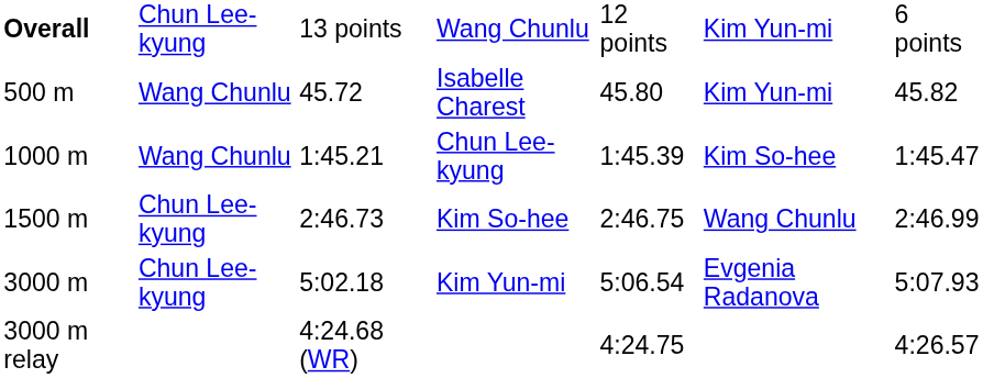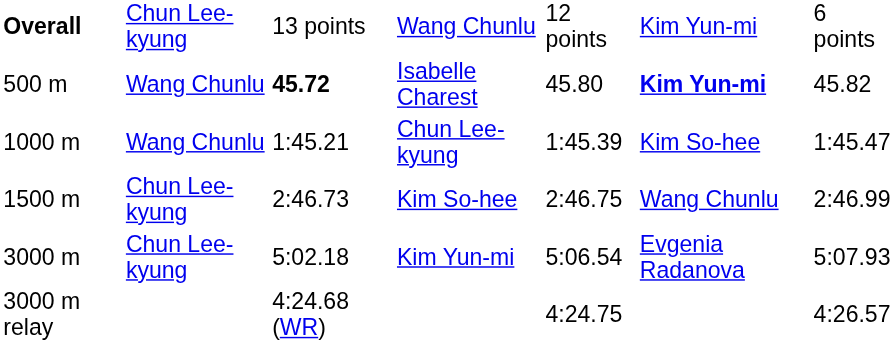 <table>
 <tr>
 <td><strong>Overall</strong></td>
 <td><a href='#'>Chun Lee-kyung</a> <br> </td>
 <td>13 points</td>
 <td><a href='#'>Wang Chunlu</a> <br> </td>
 <td>12 points</td>
 <td><a href='#'>Kim Yun-mi</a> <br> </td>
 <td>6 points</td>
 </tr>
 <tr>
 <td>500 m</td>
 <td><a href='#'>Wang Chunlu</a> <br> </td>
-<td>45.72</td>
+<td><strong>45.72</strong></td>
 <td><a href='#'>Isabelle Charest</a> <br> </td>
 <td>45.80</td>
-<td><a href='#'>Kim Yun-mi</a> <br> </td>
+<td><strong><a href='#'>Kim Yun-mi</a> <br> </strong></td>
 <td>45.82</td>
 </tr>
 <tr>
 <td>1000 m</td>
 <td><a href='#'>Wang Chunlu</a> <br> </td>
 <td>1:45.21</td>
 <td><a href='#'>Chun Lee-kyung</a> <br> </td>
 <td>1:45.39</td>
 <td><a href='#'>Kim So-hee</a> <br> </td>
 <td>1:45.47</td>
 </tr>
 <tr>
 <td>1500 m</td>
 <td><a href='#'>Chun Lee-kyung</a> <br> </td>
 <td>2:46.73</td>
 <td><a href='#'>Kim So-hee</a> <br> </td>
 <td>2:46.75</td>
 <td><a href='#'>Wang Chunlu</a> <br> </td>
 <td>2:46.99</td>
 </tr>
 <tr>
 <td>3000 m</td>
 <td><a href='#'>Chun Lee-kyung</a> <br> </td>
 <td>5:02.18</td>
 <td><a href='#'>Kim Yun-mi</a> <br> </td>
 <td>5:06.54</td>
 <td><a href='#'>Evgenia Radanova</a> <br> </td>
 <td>5:07.93</td>
 </tr>
 <tr>
 <td>3000 m relay</td>
 <td></td>
 <td>4:24.68 (<a href='#'>WR</a>)</td>
 <td></td>
 <td>4:24.75</td>
 <td></td>
 <td>4:26.57</td>
 </tr>
 </table>
